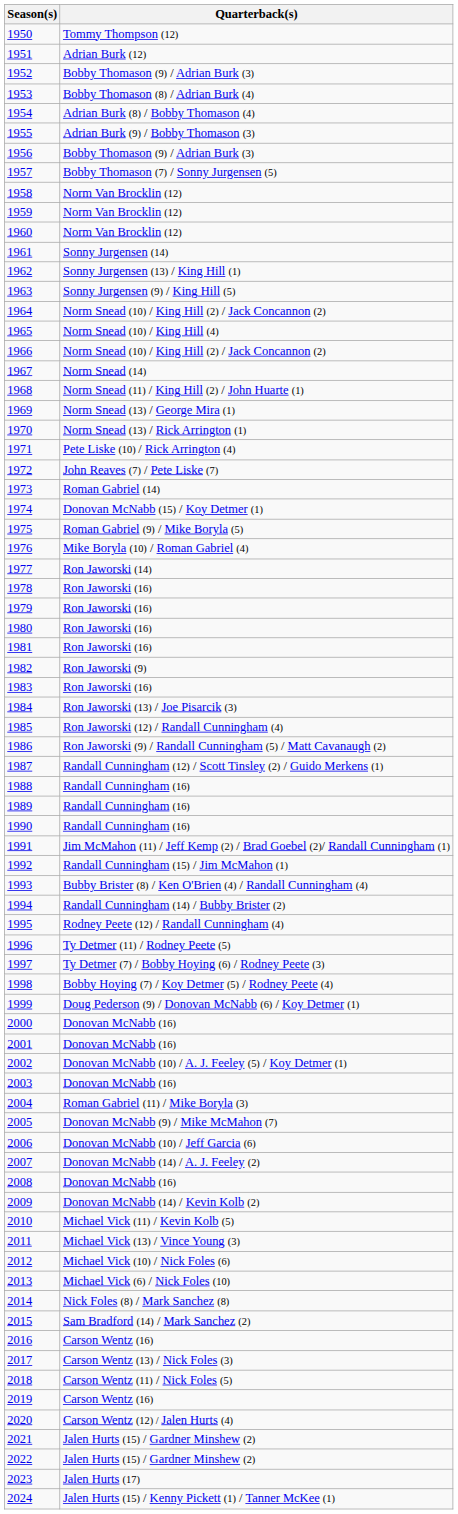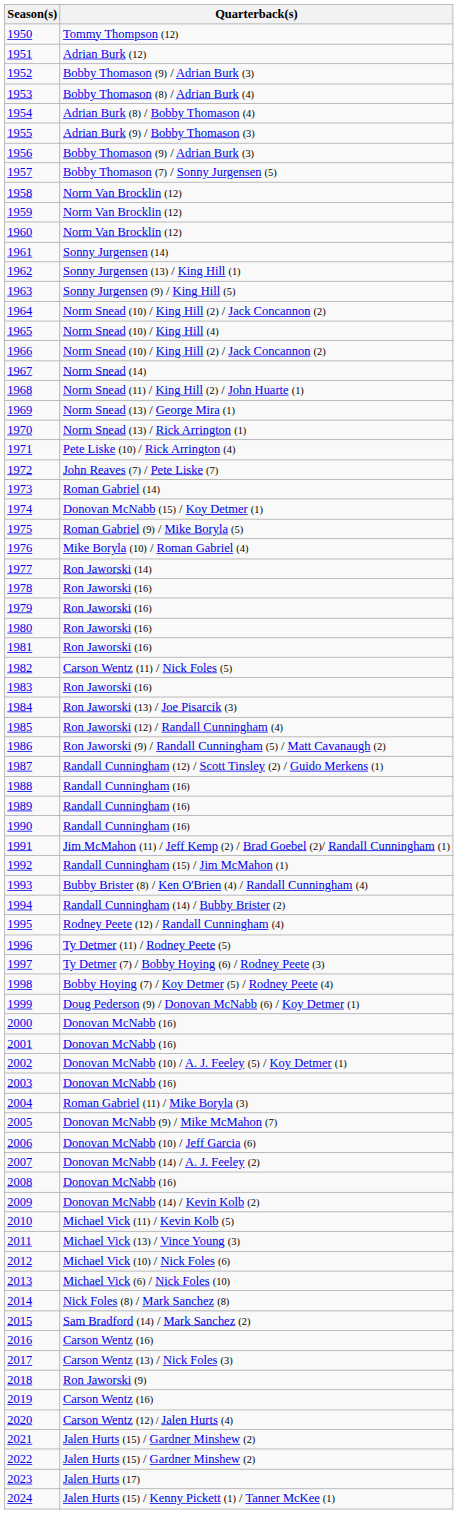 <table class="wikitable">
 <tr>
 <th>Season(s)</th>
 <th>Quarterback(s)</th>
 </tr>
 <tr>
 <td><a href='#'>1950</a></td>
 <td><a href='#'>Tommy Thompson</a> <small>(12)</small></td>
 </tr>
 <tr>
 <td><a href='#'>1951</a></td>
 <td><a href='#'>Adrian Burk</a> <small>(12)</small></td>
 </tr>
 <tr>
 <td><a href='#'>1952</a></td>
 <td><a href='#'>Bobby Thomason</a> <small>(9)</small> / <a href='#'>Adrian Burk</a> <small>(3)</small></td>
 </tr>
 <tr>
 <td><a href='#'>1953</a></td>
 <td><a href='#'>Bobby Thomason</a> <small>(8)</small> / <a href='#'>Adrian Burk</a> <small>(4)</small></td>
 </tr>
 <tr>
 <td><a href='#'>1954</a></td>
 <td><a href='#'>Adrian Burk</a> <small>(8)</small> / <a href='#'>Bobby Thomason</a> <small>(4)</small></td>
 </tr>
 <tr>
 <td><a href='#'>1955</a></td>
 <td><a href='#'>Adrian Burk</a> <small>(9)</small> / <a href='#'>Bobby Thomason</a> <small>(3)</small></td>
 </tr>
 <tr>
 <td><a href='#'>1956</a></td>
 <td><a href='#'>Bobby Thomason</a> <small>(9)</small> / <a href='#'>Adrian Burk</a> <small>(3)</small></td>
 </tr>
 <tr>
 <td><a href='#'>1957</a></td>
 <td><a href='#'>Bobby Thomason</a> <small>(7)</small> / <a href='#'>Sonny Jurgensen</a> <small>(5)</small></td>
 </tr>
 <tr>
 <td><a href='#'>1958</a></td>
 <td><a href='#'>Norm Van Brocklin</a> <small>(12)</small></td>
 </tr>
 <tr>
 <td><a href='#'>1959</a></td>
 <td><a href='#'>Norm Van Brocklin</a> <small>(12)</small></td>
 </tr>
 <tr>
 <td><a href='#'>1960</a></td>
 <td><a href='#'>Norm Van Brocklin</a> <small>(12)</small></td>
 </tr>
 <tr>
 <td><a href='#'>1961</a></td>
 <td><a href='#'>Sonny Jurgensen</a> <small>(14)</small></td>
 </tr>
 <tr>
 <td><a href='#'>1962</a></td>
 <td><a href='#'>Sonny Jurgensen</a> <small>(13)</small> / <a href='#'>King Hill</a> <small>(1)</small></td>
 </tr>
 <tr>
 <td><a href='#'>1963</a></td>
 <td><a href='#'>Sonny Jurgensen</a> <small>(9)</small> / <a href='#'>King Hill</a> <small>(5)</small></td>
 </tr>
 <tr>
 <td><a href='#'>1964</a></td>
 <td><a href='#'>Norm Snead</a> <small>(10)</small> / <a href='#'>King Hill</a> <small>(2)</small> / <a href='#'>Jack Concannon</a> <small>(2)</small></td>
 </tr>
 <tr>
 <td><a href='#'>1965</a></td>
 <td><a href='#'>Norm Snead</a> <small>(10)</small> / <a href='#'>King Hill</a> <small>(4)</small></td>
 </tr>
 <tr>
 <td><a href='#'>1966</a></td>
 <td><a href='#'>Norm Snead</a> <small>(10)</small> / <a href='#'>King Hill</a> <small>(2)</small> / <a href='#'>Jack Concannon</a> <small>(2)</small></td>
 </tr>
 <tr>
 <td><a href='#'>1967</a></td>
 <td><a href='#'>Norm Snead</a> <small>(14)</small></td>
 </tr>
 <tr>
 <td><a href='#'>1968</a></td>
 <td><a href='#'>Norm Snead</a> <small>(11)</small> / <a href='#'>King Hill</a> <small>(2)</small> / <a href='#'>John Huarte</a> <small>(1)</small></td>
 </tr>
 <tr>
 <td><a href='#'>1969</a></td>
 <td><a href='#'>Norm Snead</a> <small>(13)</small> / <a href='#'>George Mira</a> <small>(1)</small></td>
 </tr>
 <tr>
 <td><a href='#'>1970</a></td>
 <td><a href='#'>Norm Snead</a> <small>(13)</small> / <a href='#'>Rick Arrington</a> <small>(1)</small></td>
 </tr>
 <tr>
 <td><a href='#'>1971</a></td>
 <td><a href='#'>Pete Liske</a> <small>(10) </small> / <a href='#'>Rick Arrington</a> <small>(4)</small></td>
 </tr>
 <tr>
 <td><a href='#'>1972</a></td>
 <td><a href='#'>John Reaves</a> <small>(7)</small> / <a href='#'>Pete Liske</a> <small>(7)</small></td>
 </tr>
 <tr>
 <td><a href='#'>1973</a></td>
 <td><a href='#'>Roman Gabriel</a> <small>(14)</small></td>
 </tr>
 <tr>
 <td><a href='#'>1974</a></td>
 <td><a href='#'>Donovan McNabb</a> <small>(15)</small> / <a href='#'>Koy Detmer</a> <small>(1)</small></td>
 </tr>
 <tr>
 <td><a href='#'>1975</a></td>
 <td><a href='#'>Roman Gabriel</a> <small>(9)</small> / <a href='#'>Mike Boryla</a> <small>(5)</small></td>
 </tr>
 <tr>
 <td><a href='#'>1976</a></td>
 <td><a href='#'>Mike Boryla</a> <small>(10)</small> / <a href='#'>Roman Gabriel</a> <small>(4)</small></td>
 </tr>
 <tr>
 <td><a href='#'>1977</a></td>
 <td><a href='#'>Ron Jaworski</a> <small>(14)</small></td>
 </tr>
 <tr>
 <td><a href='#'>1978</a></td>
 <td><a href='#'>Ron Jaworski</a> <small>(16)</small></td>
 </tr>
 <tr>
 <td><a href='#'>1979</a></td>
 <td><a href='#'>Ron Jaworski</a> <small>(16)</small></td>
 </tr>
 <tr>
 <td><a href='#'>1980</a></td>
 <td><a href='#'>Ron Jaworski</a> <small>(16)</small></td>
 </tr>
 <tr>
 <td><a href='#'>1981</a></td>
 <td><a href='#'>Ron Jaworski</a> <small>(16)</small></td>
 </tr>
 <tr>
 <td><a href='#'>1982</a></td>
-<td><a href='#'>Ron Jaworski</a> <small>(9)</small></td>
+<td><a href='#'>Carson Wentz</a> <small>(11)</small> / <a href='#'>Nick Foles</a> <small>(5)</small></td>
 </tr>
 <tr>
 <td><a href='#'>1983</a></td>
 <td><a href='#'>Ron Jaworski</a> <small>(16)</small></td>
 </tr>
 <tr>
 <td><a href='#'>1984</a></td>
 <td><a href='#'>Ron Jaworski</a> <small>(13)</small> / <a href='#'>Joe Pisarcik</a> <small>(3)</small></td>
 </tr>
 <tr>
 <td><a href='#'>1985</a></td>
 <td><a href='#'>Ron Jaworski</a> <small>(12)</small> / <a href='#'>Randall Cunningham</a> <small>(4)</small></td>
 </tr>
 <tr>
 <td><a href='#'>1986</a></td>
 <td><a href='#'>Ron Jaworski</a> <small>(9)</small> / <a href='#'>Randall Cunningham</a> <small>(5)</small> / <a href='#'>Matt Cavanaugh</a> <small>(2)</small></td>
 </tr>
 <tr>
 <td><a href='#'>1987</a></td>
 <td><a href='#'>Randall Cunningham</a> <small>(12)</small> / <a href='#'>Scott Tinsley</a> <small>(2)</small> / <a href='#'>Guido Merkens</a> <small>(1)</small></td>
 </tr>
 <tr>
 <td><a href='#'>1988</a></td>
 <td><a href='#'>Randall Cunningham</a> <small>(16)</small></td>
 </tr>
 <tr>
 <td><a href='#'>1989</a></td>
 <td><a href='#'>Randall Cunningham</a> <small>(16)</small></td>
 </tr>
 <tr>
 <td><a href='#'>1990</a></td>
 <td><a href='#'>Randall Cunningham</a> <small>(16)</small></td>
 </tr>
 <tr>
 <td><a href='#'>1991</a></td>
 <td><a href='#'>Jim McMahon</a> <small>(11)</small> / <a href='#'>Jeff Kemp</a> <small>(2)</small> / <a href='#'>Brad Goebel</a> <small>(2)</small>/ <a href='#'>Randall Cunningham</a> <small>(1)</small></td>
 </tr>
 <tr>
 <td><a href='#'>1992</a></td>
 <td><a href='#'>Randall Cunningham</a> <small>(15)</small> / <a href='#'>Jim McMahon</a> <small>(1)</small></td>
 </tr>
 <tr>
 <td><a href='#'>1993</a></td>
 <td><a href='#'>Bubby Brister</a> <small>(8)</small> / <a href='#'>Ken O'Brien</a> <small>(4)</small> / <a href='#'>Randall Cunningham</a> <small>(4)</small></td>
 </tr>
 <tr>
 <td><a href='#'>1994</a></td>
 <td><a href='#'>Randall Cunningham</a> <small>(14)</small> / <a href='#'>Bubby Brister</a> <small>(2)</small></td>
 </tr>
 <tr>
 <td><a href='#'>1995</a></td>
 <td><a href='#'>Rodney Peete</a> <small>(12)</small> / <a href='#'>Randall Cunningham</a> <small>(4)</small></td>
 </tr>
 <tr>
 <td><a href='#'>1996</a></td>
 <td><a href='#'>Ty Detmer</a> <small>(11)</small> / <a href='#'>Rodney Peete</a> <small>(5)</small></td>
 </tr>
 <tr>
 <td><a href='#'>1997</a></td>
 <td><a href='#'>Ty Detmer</a> <small>(7)</small> / <a href='#'>Bobby Hoying</a> <small>(6)</small> / <a href='#'>Rodney Peete</a> <small>(3)</small></td>
 </tr>
 <tr>
 <td><a href='#'>1998</a></td>
 <td><a href='#'>Bobby Hoying</a> <small>(7)</small> / <a href='#'>Koy Detmer</a> <small>(5)</small> / <a href='#'>Rodney Peete</a> <small>(4)</small></td>
 </tr>
 <tr>
 <td><a href='#'>1999</a></td>
 <td><a href='#'>Doug Pederson</a> <small>(9)</small> / <a href='#'>Donovan McNabb</a> <small>(6)</small> / <a href='#'>Koy Detmer</a> <small>(1)</small></td>
 </tr>
 <tr>
 <td><a href='#'>2000</a></td>
 <td><a href='#'>Donovan McNabb</a> <small>(16)</small></td>
 </tr>
 <tr>
 <td><a href='#'>2001</a></td>
 <td><a href='#'>Donovan McNabb</a> <small>(16)</small></td>
 </tr>
 <tr>
 <td><a href='#'>2002</a></td>
 <td><a href='#'>Donovan McNabb</a> <small>(10)</small> / <a href='#'>A. J. Feeley</a> <small>(5)</small> / <a href='#'>Koy Detmer</a> <small>(1)</small></td>
 </tr>
 <tr>
 <td><a href='#'>2003</a></td>
 <td><a href='#'>Donovan McNabb</a> <small>(16)</small></td>
 </tr>
 <tr>
 <td><a href='#'>2004</a></td>
 <td><a href='#'>Roman Gabriel</a> <small>(11)</small> / <a href='#'>Mike Boryla</a> <small>(3)</small></td>
 </tr>
 <tr>
 <td><a href='#'>2005</a></td>
 <td><a href='#'>Donovan McNabb</a> <small>(9)</small> / <a href='#'>Mike McMahon</a> <small>(7)</small></td>
 </tr>
 <tr>
 <td><a href='#'>2006</a></td>
 <td><a href='#'>Donovan McNabb</a> <small>(10)</small> / <a href='#'>Jeff Garcia</a> <small>(6)</small></td>
 </tr>
 <tr>
 <td><a href='#'>2007</a></td>
 <td><a href='#'>Donovan McNabb</a> <small>(14)</small> / <a href='#'>A. J. Feeley</a> <small>(2)</small></td>
 </tr>
 <tr>
 <td><a href='#'>2008</a></td>
 <td><a href='#'>Donovan McNabb</a> <small>(16)</small></td>
 </tr>
 <tr>
 <td><a href='#'>2009</a></td>
 <td><a href='#'>Donovan McNabb</a> <small>(14)</small> / <a href='#'>Kevin Kolb</a> <small>(2)</small></td>
 </tr>
 <tr>
 <td><a href='#'>2010</a></td>
 <td><a href='#'>Michael Vick</a> <small>(11)</small> / <a href='#'>Kevin Kolb</a> <small>(5)</small></td>
 </tr>
 <tr>
 <td><a href='#'>2011</a></td>
 <td><a href='#'>Michael Vick</a> <small>(13)</small> / <a href='#'>Vince Young</a> <small>(3)</small></td>
 </tr>
 <tr>
 <td><a href='#'>2012</a></td>
 <td><a href='#'>Michael Vick</a> <small>(10)</small> / <a href='#'>Nick Foles</a> <small>(6)</small></td>
 </tr>
 <tr>
 <td><a href='#'>2013</a></td>
 <td><a href='#'>Michael Vick</a> <small>(6)</small> / <a href='#'>Nick Foles</a> <small>(10)</small></td>
 </tr>
 <tr>
 <td><a href='#'>2014</a></td>
 <td><a href='#'>Nick Foles</a> <small>(8)</small> / <a href='#'>Mark Sanchez</a> <small>(8)</small></td>
 </tr>
 <tr>
 <td><a href='#'>2015</a></td>
 <td><a href='#'>Sam Bradford</a> <small>(14)</small> / <a href='#'>Mark Sanchez</a> <small>(2)</small></td>
 </tr>
 <tr>
 <td><a href='#'>2016</a></td>
 <td><a href='#'>Carson Wentz</a> <small>(16)</small></td>
 </tr>
 <tr>
 <td><a href='#'>2017</a></td>
 <td><a href='#'>Carson Wentz</a> <small>(13)</small> / <a href='#'>Nick Foles</a> <small>(3)</small></td>
 </tr>
 <tr>
 <td><a href='#'>2018</a></td>
-<td><a href='#'>Carson Wentz</a> <small>(11)</small> / <a href='#'>Nick Foles</a> <small>(5)</small></td>
+<td><a href='#'>Ron Jaworski</a> <small>(9)</small></td>
 </tr>
 <tr>
 <td><a href='#'>2019</a></td>
 <td><a href='#'>Carson Wentz</a> <small>(16)</small></td>
 </tr>
 <tr>
 <td><a href='#'>2020</a></td>
 <td><a href='#'>Carson Wentz</a> <small>(12) / </small> <a href='#'>Jalen Hurts</a> <small>(4)</small></td>
 </tr>
 <tr>
 <td><a href='#'>2021</a></td>
 <td><a href='#'>Jalen Hurts</a> <small>(15)</small> / <a href='#'>Gardner Minshew</a> <small>(2)</small></td>
 </tr>
 <tr>
 <td><a href='#'>2022</a></td>
 <td><a href='#'>Jalen Hurts</a> <small>(15)</small> / <a href='#'>Gardner Minshew</a> <small>(2)</small></td>
 </tr>
 <tr>
 <td><a href='#'>2023</a></td>
 <td><a href='#'>Jalen Hurts</a> <small>(17)</small></td>
 </tr>
 <tr>
 <td><a href='#'>2024</a></td>
 <td><a href='#'>Jalen Hurts</a> <small>(15)</small> / <a href='#'>Kenny Pickett</a> <small>(1)</small> / <a href='#'>Tanner McKee</a> <small>(1)</small></td>
 </tr>
 </table>
